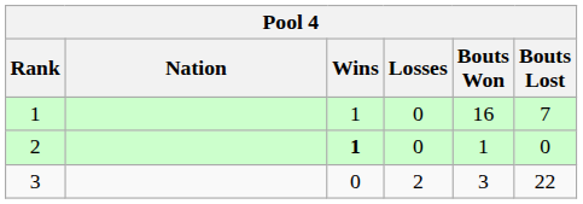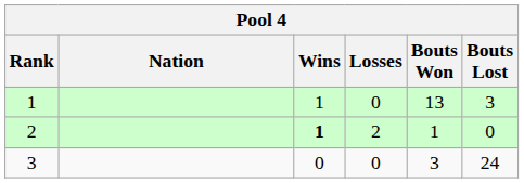 <table class="wikitable" style="text-align:center">
 <tr>
 <th colspan=6 align=center><strong>Pool 4</strong></th>
 </tr>
 <tr>
 <th width="20">Rank</th>
 <th width="190">Nation</th>
 <th width="20">Wins</th>
 <th width="20">Losses</th>
 <th width="20">Bouts Won</th>
 <th width="20">Bouts Lost</th>
 </tr>
 <tr bgcolor=ccffcc>
 <td>1</td>
 <td align=left></td>
 <td>1</td>
 <td>0</td>
-<td>16</td>
-<td>7</td>
+<td>13</td>
+<td>3</td>
 </tr>
 <tr bgcolor=ccffcc>
 <td>2</td>
 <td align=left></td>
 <td><strong>1</strong></td>
-<td>0</td>
+<td>2</td>
 <td>1</td>
 <td>0</td>
 </tr>
 <tr>
 <td>3</td>
 <td align=left></td>
 <td>0</td>
-<td>2</td>
+<td>0</td>
 <td>3</td>
-<td>22</td>
+<td>24</td>
 </tr>
 </table>
